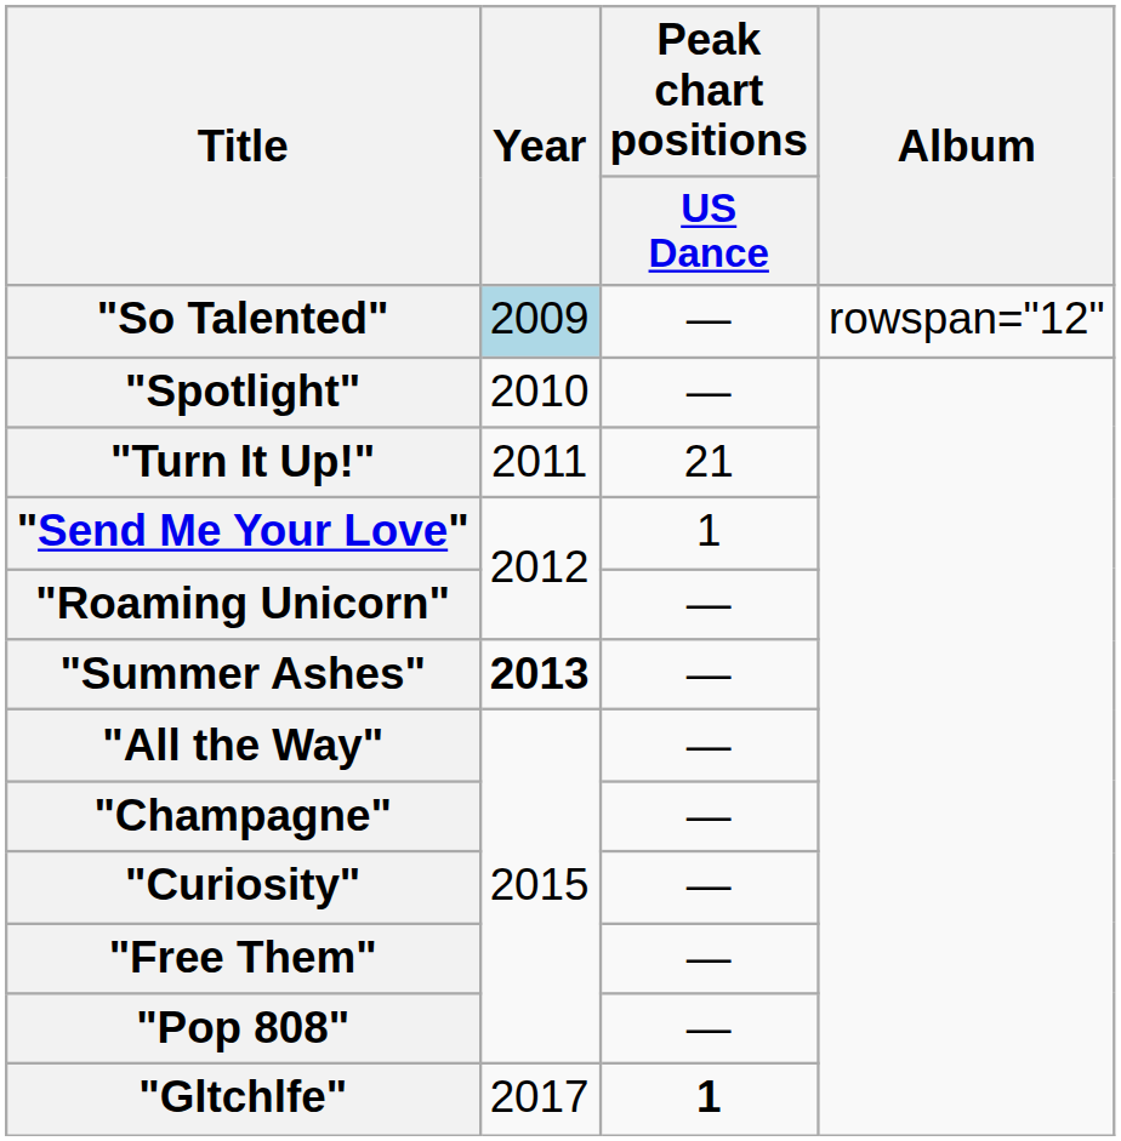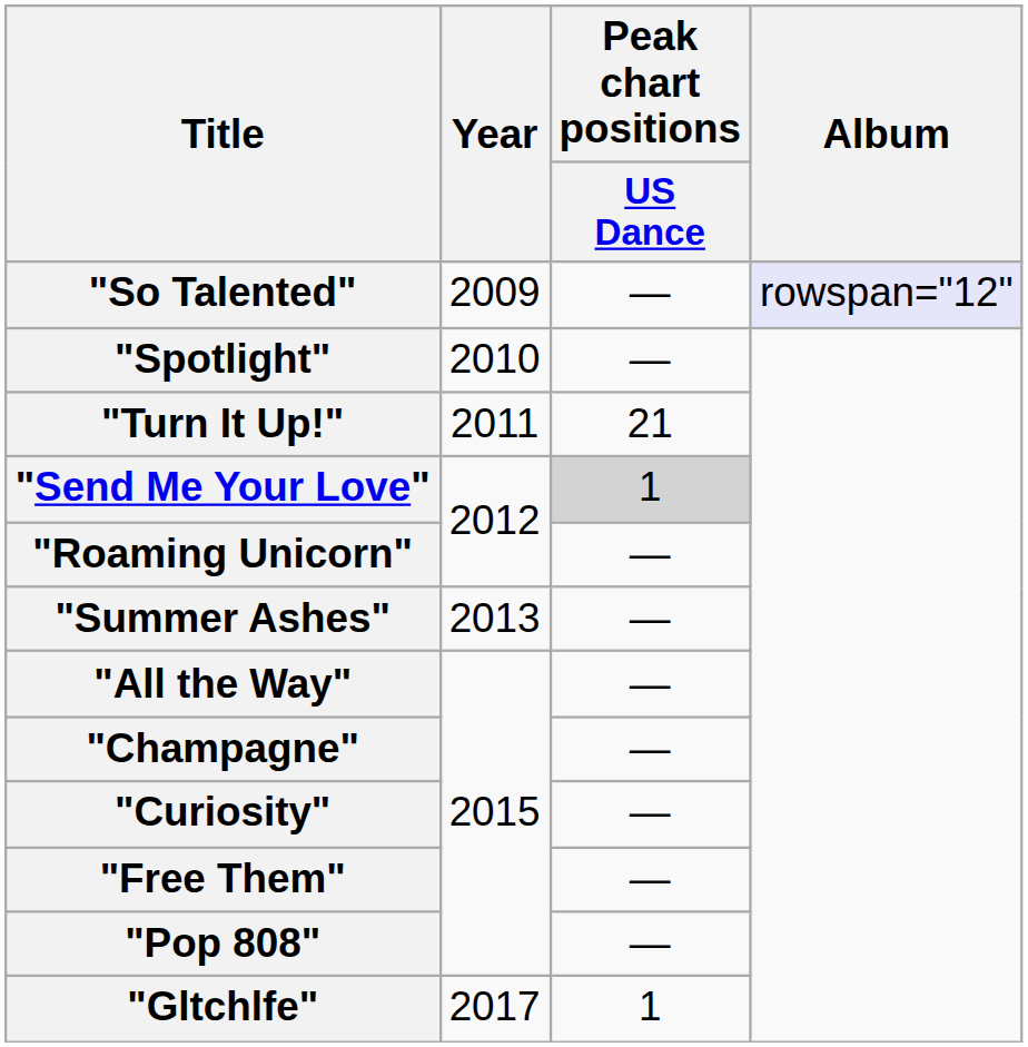 <table class="wikitable plainrowheaders" style="text-align:center">
 <tr>
 <th scope="col" rowspan="2">Title</th>
 <th scope="col" rowspan="2">Year</th>
 <th scope="col" colspan="1">Peak chart positions</th>
 <th scope="col" rowspan="2">Album</th>
 </tr>
 <tr>
 <th scope="col" style="width:3em;font-size:90%;"><a href='#'>US<br>Dance</a><br></th>
 </tr>
 <tr>
 <th scope="row">"So Talented"</th>
-<td style="background: lightblue;">2009</td>
+<td>2009</td>
 <td>—</td>
-<td>rowspan="12" </td>
+<td style="background: lavender;">rowspan="12" </td>
 </tr>
 <tr>
 <th scope="row">"Spotlight"</th>
 <td>2010</td>
 <td>—</td>
 </tr>
 <tr>
 <th scope="row">"Turn It Up!"</th>
 <td>2011</td>
 <td>21</td>
 </tr>
 <tr>
 <th scope="row">"<a href='#'>Send Me Your Love</a>"<br></th>
 <td rowspan="2">2012</td>
-<td>1</td>
+<td style="background: lightgrey;">1</td>
 </tr>
 <tr>
 <th scope="row">"Roaming Unicorn"</th>
 <td>—</td>
 </tr>
 <tr>
 <th scope="row">"Summer Ashes"</th>
-<td><strong>2013</strong></td>
+<td>2013</td>
 <td>—</td>
 </tr>
 <tr>
 <th scope="row">"All the Way"</th>
 <td rowspan="5">2015</td>
 <td>—</td>
 </tr>
 <tr>
 <th scope="row">"Champagne"<br></th>
 <td>—</td>
 </tr>
 <tr>
 <th scope="row">"Curiosity"</th>
 <td>—</td>
 </tr>
 <tr>
 <th scope="row">"Free Them"</th>
 <td>—</td>
 </tr>
 <tr>
 <th scope="row">"Pop 808"</th>
 <td>—</td>
 </tr>
 <tr>
 <th scope="row">"Gltchlfe"</th>
 <td>2017</td>
-<td><strong>1</strong></td>
+<td>1</td>
 </tr>
 </table>
